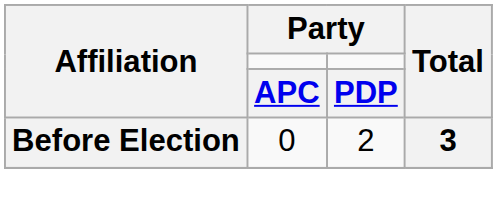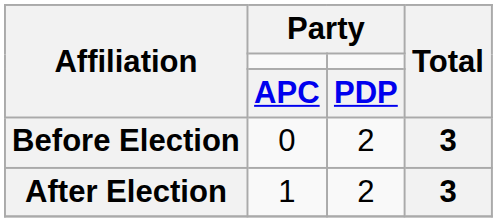 <table class="wikitable" style="text-align:center">
 <tr>
 <th rowspan="3">Affiliation</th>
 <th colspan="2">Party</th>
 <th rowspan="3">Total</th>
 </tr>
 <tr>
 <td style="background-color:"></td>
 <td style="background-color:"></td>
 </tr>
 <tr>
 <th><a href='#'>APC</a></th>
 <th><a href='#'>PDP</a></th>
 </tr>
 <tr>
 <th>Before Election</th>
 <td>0</td>
 <td>2</td>
 <th>3</th>
 </tr>
 <tr>
+<th>After Election</th>
+<td>1</td>
+<td>2</td>
+<th>3</th>
+</tr>
+<tr>
 </tr>
 </table>
